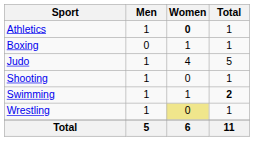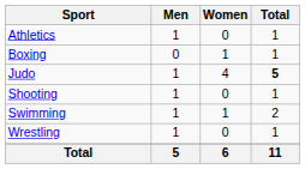 <table class="wikitable sortable" style="text-align:center;">
 <tr>
 <th width=180>Sport</th>
 <th width=55>Men</th>
 <th width=55>Women</th>
 <th width=55>Total</th>
 </tr>
 <tr>
 <td align=left><a href='#'>Athletics</a></td>
 <td>1</td>
-<td><strong>0</strong></td>
+<td>0</td>
 <td>1</td>
 </tr>
 <tr>
 <td align=left><a href='#'>Boxing</a></td>
 <td>0</td>
 <td>1</td>
 <td>1</td>
 </tr>
 <tr>
 <td align=left><a href='#'>Judo</a></td>
 <td>1</td>
 <td>4</td>
-<td>5</td>
+<td><strong>5</strong></td>
 </tr>
 <tr>
 <td align=left><a href='#'>Shooting</a></td>
 <td>1</td>
 <td>0</td>
 <td>1</td>
 </tr>
 <tr>
 <td align=left><a href='#'>Swimming</a></td>
 <td>1</td>
 <td>1</td>
-<td><strong>2</strong></td>
+<td>2</td>
 </tr>
 <tr>
 <td align=left><a href='#'>Wrestling</a></td>
 <td>1</td>
-<td style="background: khaki;">0</td>
+<td>0</td>
 <td>1</td>
 </tr>
 <tr>
 </tr>
 <tr class="sortbottom">
 <th>Total</th>
 <th>5</th>
 <th>6</th>
 <th>11</th>
 </tr>
 </table>
